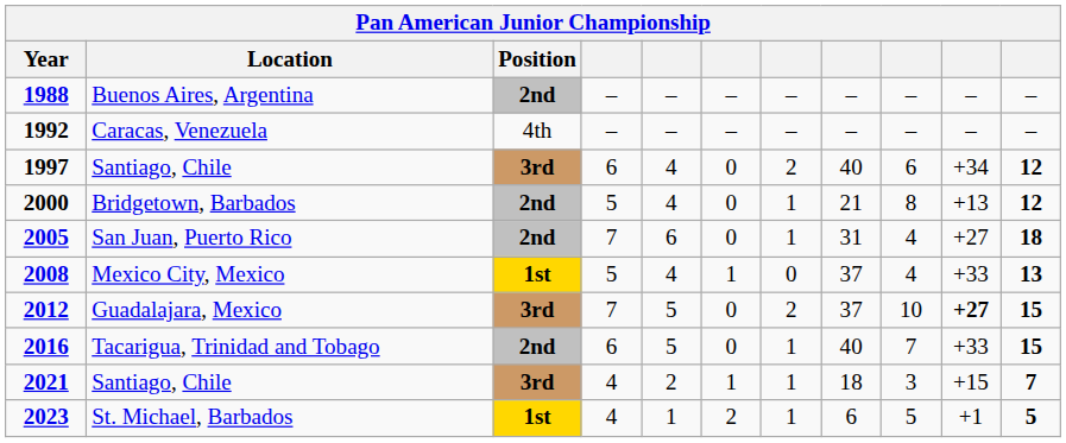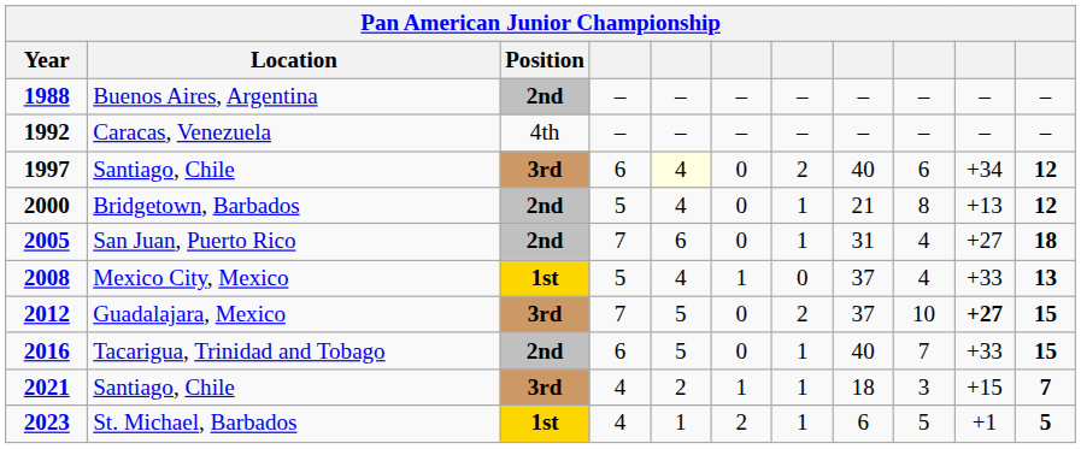 <table class="wikitable" style="text-align: center;">
 <tr>
 <th colspan=11><strong><a href='#'>Pan American Junior Championship</a></strong></th>
 </tr>
 <tr>
 <th style="width: 50px;">Year</th>
 <th style="width: 280px;">Location</th>
 <th style="width: 50px;">Position</th>
 <th style="width: 35px;"></th>
 <th style="width: 35px;"></th>
 <th style="width: 35px;"></th>
 <th style="width: 35px;"></th>
 <th style="width: 35px;"></th>
 <th style="width: 35px;"></th>
 <th style="width: 35px;"></th>
 <th style="width: 35px;"></th>
 </tr>
 <tr>
 <td><strong><a href='#'>1988</a></strong></td>
 <td style="text-align: left;"> <a href='#'>Buenos Aires</a>, <a href='#'>Argentina</a></td>
 <td style="background-color: silver"><strong>2nd</strong></td>
 <td>–</td>
 <td>–</td>
 <td>–</td>
 <td>–</td>
 <td>–</td>
 <td>–</td>
 <td>–</td>
 <td>–</td>
 </tr>
 <tr>
 <td><strong>1992</strong></td>
 <td style="text-align: left;"> <a href='#'>Caracas</a>, <a href='#'>Venezuela</a></td>
 <td>4th</td>
 <td>–</td>
 <td>–</td>
 <td>–</td>
 <td>–</td>
 <td>–</td>
 <td>–</td>
 <td>–</td>
 <td>–</td>
 </tr>
 <tr>
 <td><strong>1997</strong></td>
 <td style="text-align: left;"> <a href='#'>Santiago</a>, <a href='#'>Chile</a></td>
 <td style="background-color: #cc9966"><strong>3rd</strong></td>
 <td>6</td>
-<td>4</td>
+<td style="background: lightyellow;">4</td>
 <td>0</td>
 <td>2</td>
 <td>40</td>
 <td>6</td>
 <td>+34</td>
 <td><strong>12</strong></td>
 </tr>
 <tr>
 <td><strong>2000</strong></td>
 <td style="text-align: left;"> <a href='#'>Bridgetown</a>, <a href='#'>Barbados</a></td>
 <td style="background-color: silver"><strong>2nd</strong></td>
 <td>5</td>
 <td>4</td>
 <td>0</td>
 <td>1</td>
 <td>21</td>
 <td>8</td>
 <td>+13</td>
 <td><strong>12</strong></td>
 </tr>
 <tr>
 <td><strong><a href='#'>2005</a></strong></td>
 <td style="text-align: left;"> <a href='#'>San Juan</a>, <a href='#'>Puerto Rico</a></td>
 <td style="background-color: silver"><strong>2nd</strong></td>
 <td>7</td>
 <td>6</td>
 <td>0</td>
 <td>1</td>
 <td>31</td>
 <td>4</td>
 <td>+27</td>
 <td><strong>18</strong></td>
 </tr>
 <tr>
 <td><strong><a href='#'>2008</a></strong></td>
 <td style="text-align: left;"> <a href='#'>Mexico City</a>, <a href='#'>Mexico</a></td>
 <td style="background-color: gold"><strong>1st</strong></td>
 <td>5</td>
 <td>4</td>
 <td>1</td>
 <td>0</td>
 <td>37</td>
 <td>4</td>
 <td>+33</td>
 <td><strong>13</strong></td>
 </tr>
 <tr>
 <td><strong><a href='#'>2012</a></strong></td>
 <td style="text-align: left;"> <a href='#'>Guadalajara</a>, <a href='#'>Mexico</a></td>
 <td style="background-color: #cc9966"><strong>3rd</strong></td>
 <td>7</td>
 <td>5</td>
 <td>0</td>
 <td>2</td>
 <td>37</td>
 <td>10</td>
 <td><strong>+27</strong></td>
 <td><strong>15</strong></td>
 </tr>
 <tr>
 <td><strong><a href='#'>2016</a></strong></td>
 <td style="text-align: left;"> <a href='#'>Tacarigua</a>, <a href='#'>Trinidad and Tobago</a></td>
 <td style="background-color: silver"><strong>2nd</strong></td>
 <td>6</td>
 <td>5</td>
 <td>0</td>
 <td>1</td>
 <td>40</td>
 <td>7</td>
 <td>+33</td>
 <td><strong>15</strong></td>
 </tr>
 <tr>
 <td><strong><a href='#'>2021</a></strong></td>
 <td style="text-align: left;"> <a href='#'>Santiago</a>, <a href='#'>Chile</a></td>
 <td style="background-color: #cc9966"><strong>3rd</strong></td>
 <td>4</td>
 <td>2</td>
 <td>1</td>
 <td>1</td>
 <td>18</td>
 <td>3</td>
 <td>+15</td>
 <td><strong>7</strong></td>
 </tr>
 <tr>
 <td><strong><a href='#'>2023</a></strong></td>
 <td style="text-align: left;"> <a href='#'>St. Michael</a>, <a href='#'>Barbados</a></td>
 <td style="background-color: gold"><strong>1st</strong></td>
 <td>4</td>
 <td>1</td>
 <td>2</td>
 <td>1</td>
 <td>6</td>
 <td>5</td>
 <td>+1</td>
 <td><strong>5</strong></td>
 </tr>
 </table>
